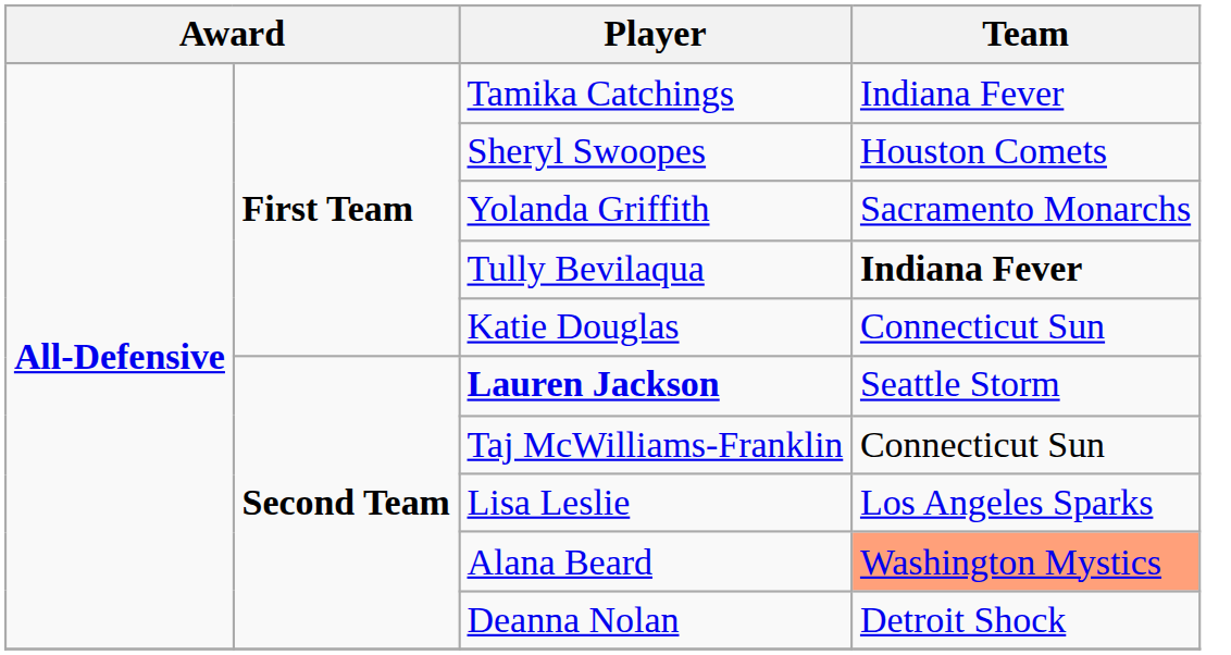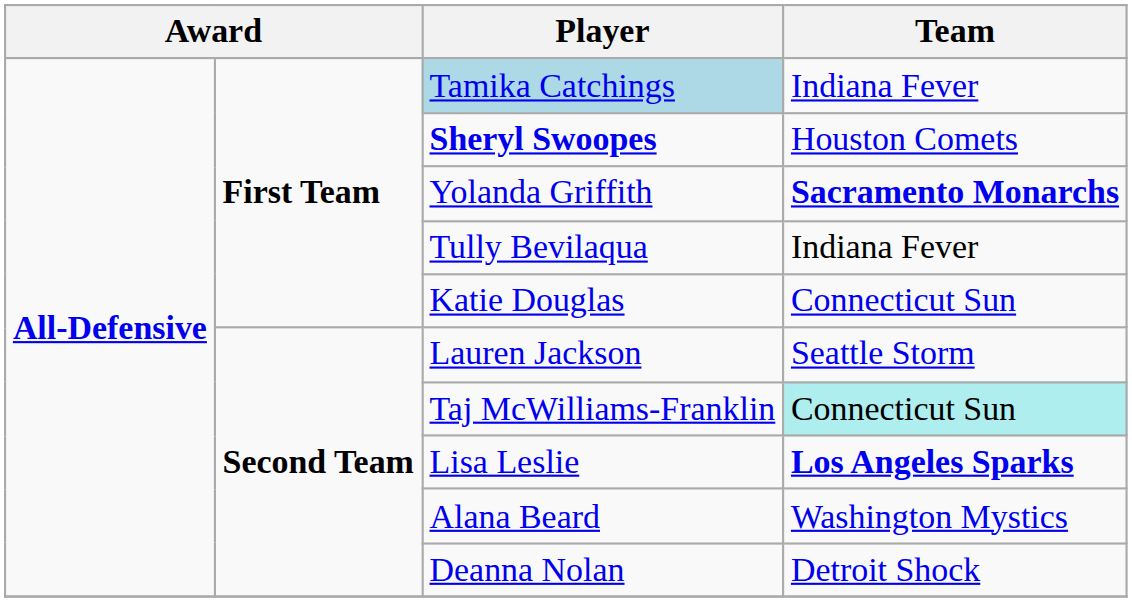 <table class="wikitable">
 <tr>
 <th colspan=2>Award</th>
 <th>Player</th>
 <th>Team</th>
 </tr>
 <tr>
 <td rowspan=10><strong><a href='#'>All-Defensive</a></strong></td>
 <td rowspan=5><strong>First Team</strong></td>
-<td><a href='#'>Tamika Catchings</a></td>
+<td style="background: lightblue;"><a href='#'>Tamika Catchings</a></td>
 <td><a href='#'>Indiana Fever</a></td>
 </tr>
 <tr>
-<td><a href='#'>Sheryl Swoopes</a></td>
+<td><strong><a href='#'>Sheryl Swoopes</a></strong></td>
 <td><a href='#'>Houston Comets</a></td>
 </tr>
 <tr>
 <td><a href='#'>Yolanda Griffith</a></td>
-<td><a href='#'>Sacramento Monarchs</a></td>
+<td><strong><a href='#'>Sacramento Monarchs</a></strong></td>
 </tr>
 <tr>
 <td><a href='#'>Tully Bevilaqua</a></td>
-<td><strong>Indiana Fever</strong></td>
+<td>Indiana Fever</td>
 </tr>
 <tr>
 <td><a href='#'>Katie Douglas</a></td>
 <td><a href='#'>Connecticut Sun</a></td>
 </tr>
 <tr>
 <td rowspan=5><strong>Second Team</strong></td>
-<td><strong><a href='#'>Lauren Jackson</a></strong></td>
+<td><a href='#'>Lauren Jackson</a></td>
 <td><a href='#'>Seattle Storm</a></td>
 </tr>
 <tr>
 <td><a href='#'>Taj McWilliams-Franklin</a></td>
-<td>Connecticut Sun</td>
+<td style="background: paleturquoise;">Connecticut Sun</td>
 </tr>
 <tr>
 <td><a href='#'>Lisa Leslie</a></td>
-<td><a href='#'>Los Angeles Sparks</a></td>
+<td><strong><a href='#'>Los Angeles Sparks</a></strong></td>
 </tr>
 <tr>
 <td><a href='#'>Alana Beard</a></td>
-<td style="background: lightsalmon;"><a href='#'>Washington Mystics</a></td>
+<td><a href='#'>Washington Mystics</a></td>
 </tr>
 <tr>
 <td><a href='#'>Deanna Nolan</a></td>
 <td><a href='#'>Detroit Shock</a></td>
 </tr>
 <tr>
 </tr>
 </table>
